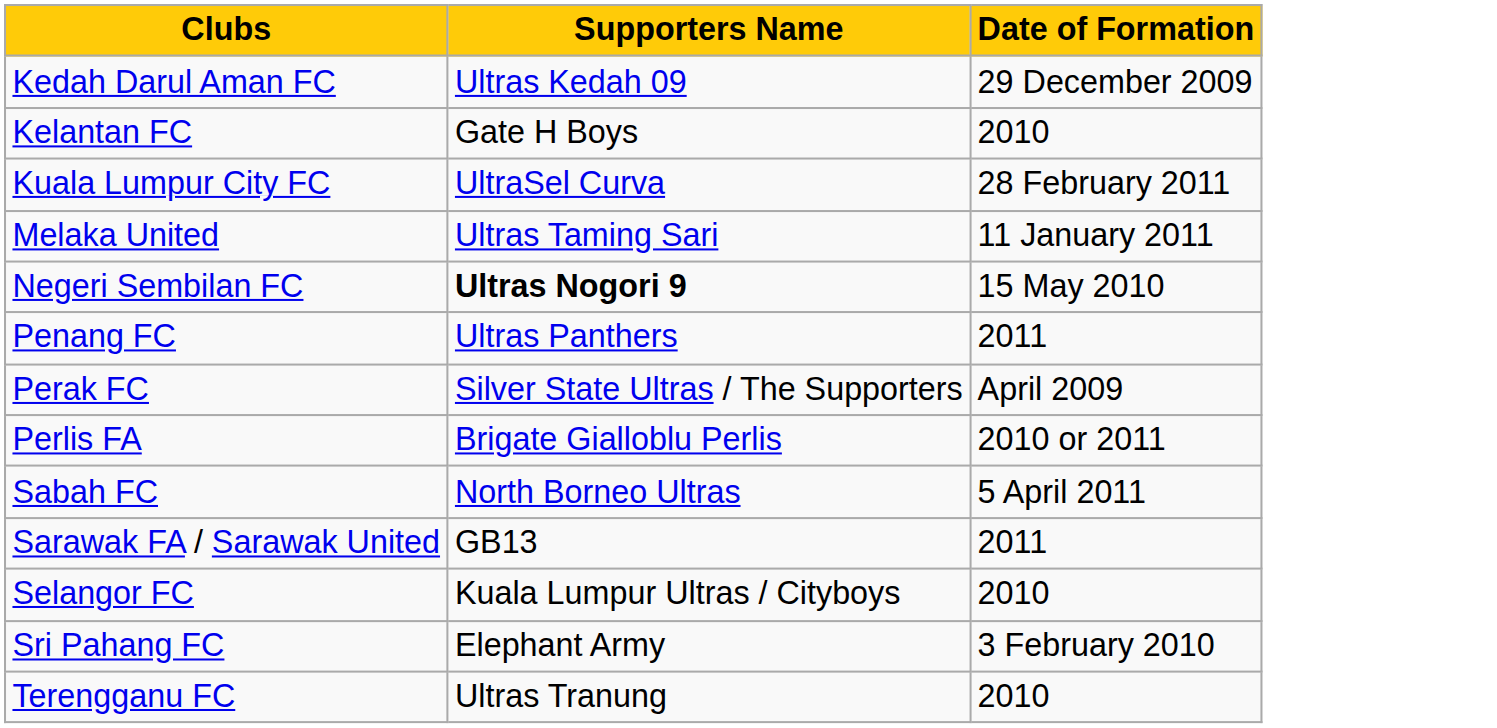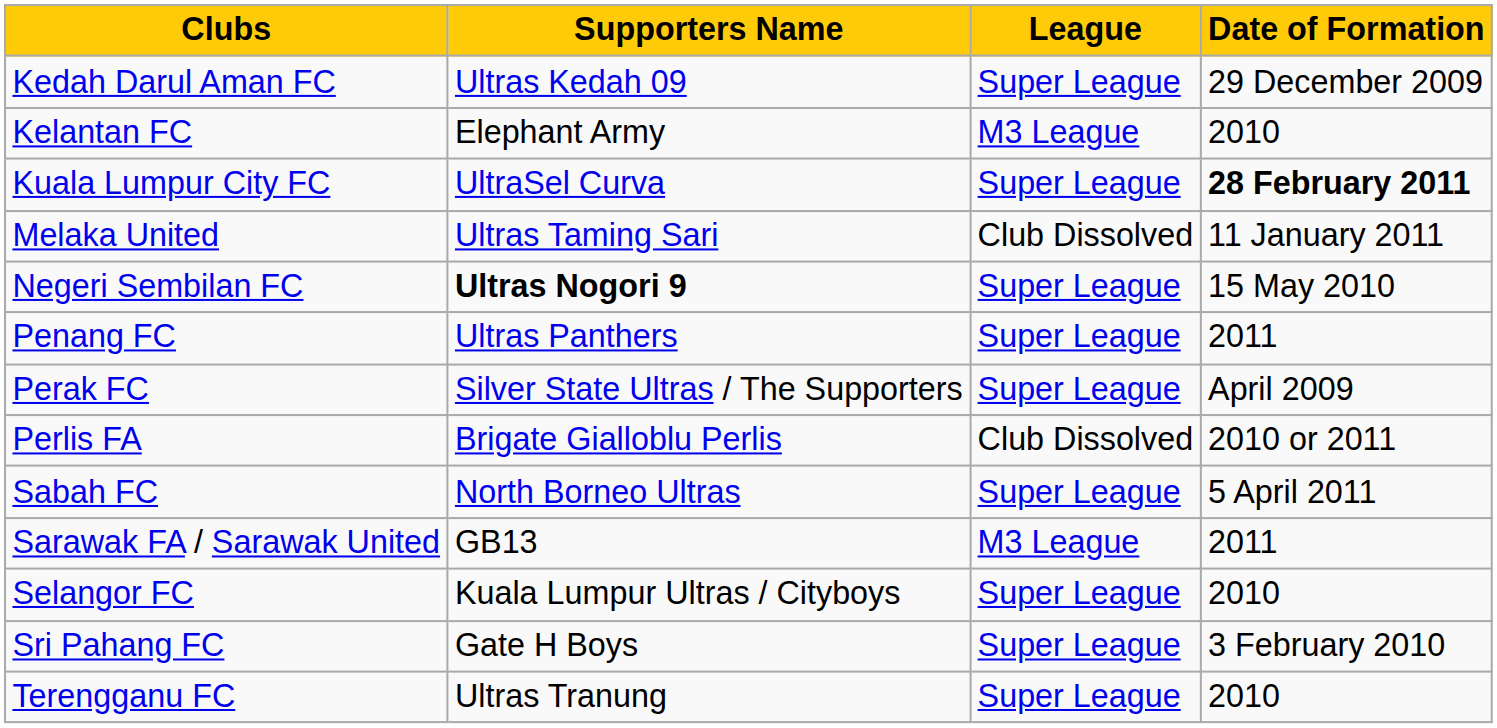 <table class="wikitable sortable">
 <tr>
 <th style="background:#FFCB08; color:Black;">Clubs</th>
 <th style="background:#FFCB08; align:center; color:Black;">Supporters Name</th>
+<th style="background:#FFCB08; align:center; color:Black;">League</th>
 <th style="background:#FFCB08; align:center; color:Black;">Date of Formation</th>
 </tr>
 <tr>
 <td> <a href='#'>Kedah Darul Aman FC</a></td>
 <td><a href='#'>Ultras Kedah 09</a></td>
+<td><a href='#'>Super League</a></td>
 <td>29 December 2009</td>
 </tr>
 <tr>
 <td> <a href='#'>Kelantan FC</a></td>
-<td>Gate H Boys</td>
+<td>Elephant Army</td>
+<td><a href='#'>M3 League</a></td>
 <td>2010</td>
 </tr>
 <tr>
 <td> <a href='#'>Kuala Lumpur City FC</a></td>
 <td><a href='#'>UltraSel Curva</a></td>
-<td>28 February 2011</td>
+<td><a href='#'>Super League</a></td>
+<td><strong>28 February 2011</strong></td>
 </tr>
 <tr>
 <td> <a href='#'>Melaka United</a></td>
 <td><a href='#'>Ultras Taming Sari</a></td>
+<td>Club Dissolved</td>
 <td>11 January 2011</td>
 </tr>
 <tr>
 <td> <a href='#'>Negeri Sembilan FC</a></td>
 <td><strong>Ultras Nogori 9</strong></td>
+<td><a href='#'>Super League</a></td>
 <td>15 May 2010</td>
 </tr>
 <tr>
 <td> <a href='#'>Penang FC</a></td>
 <td><a href='#'>Ultras Panthers</a></td>
+<td><a href='#'>Super League</a></td>
 <td>2011</td>
 </tr>
 <tr>
 <td> <a href='#'>Perak FC</a></td>
 <td><a href='#'>Silver State Ultras</a> / The Supporters</td>
+<td><a href='#'>Super League</a></td>
 <td>April 2009</td>
 </tr>
 <tr>
 <td> <a href='#'>Perlis FA</a></td>
 <td><a href='#'>Brigate Gialloblu Perlis</a></td>
+<td>Club Dissolved</td>
 <td>2010 or 2011</td>
 </tr>
 <tr>
 <td> <a href='#'>Sabah FC</a></td>
 <td><a href='#'>North Borneo Ultras</a></td>
+<td><a href='#'>Super League</a></td>
 <td>5 April 2011</td>
 </tr>
 <tr>
 <td><a href='#'>Sarawak FA</a> / <a href='#'>Sarawak United</a></td>
 <td>GB13</td>
+<td><a href='#'>M3 League</a></td>
 <td>2011</td>
 </tr>
 <tr>
 <td> <a href='#'>Selangor FC</a></td>
 <td>Kuala Lumpur Ultras / Cityboys</td>
+<td><a href='#'>Super League</a></td>
 <td>2010</td>
 </tr>
 <tr>
 <td> <a href='#'>Sri Pahang FC</a></td>
-<td>Elephant Army</td>
+<td>Gate H Boys</td>
+<td><a href='#'>Super League</a></td>
 <td>3 February 2010</td>
 </tr>
 <tr>
 <td> <a href='#'>Terengganu FC</a></td>
 <td>Ultras Tranung</td>
+<td><a href='#'>Super League</a></td>
 <td>2010</td>
 </tr>
 </table>
